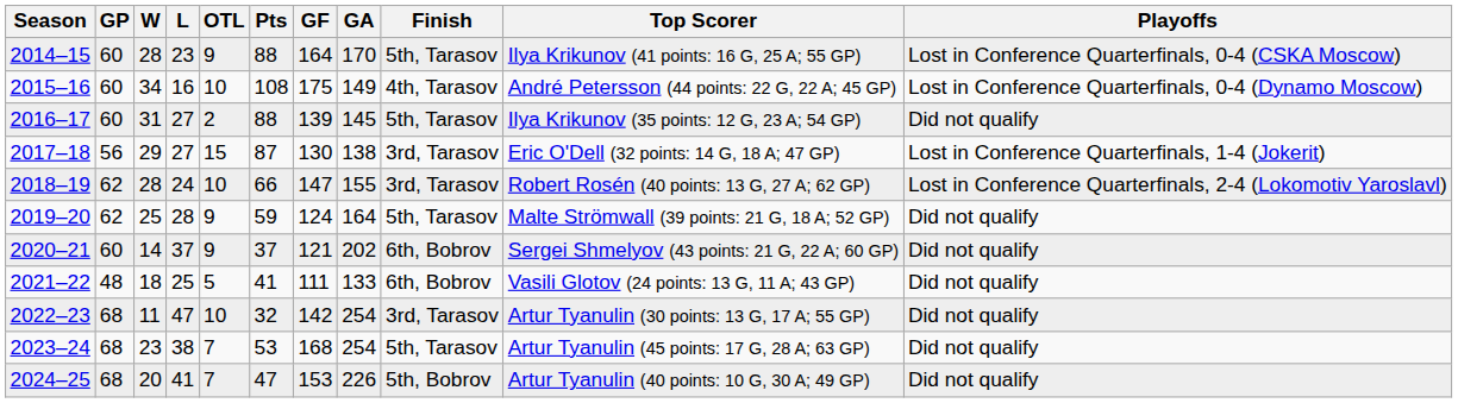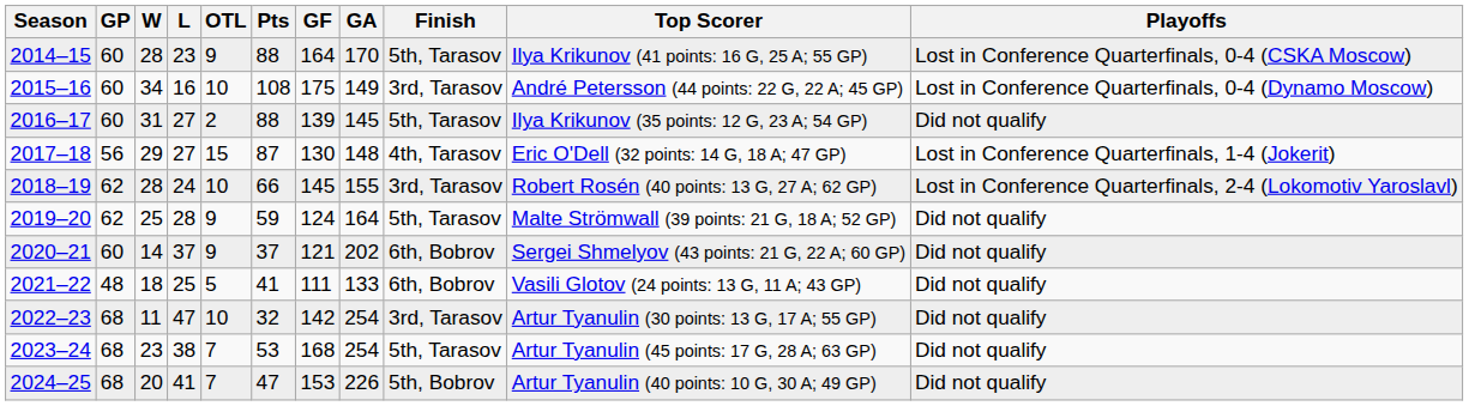 <table class="wikitable">
 <tr>
 <th>Season</th>
 <th>GP</th>
 <th>W</th>
 <th>L</th>
 <th>OTL</th>
 <th>Pts</th>
 <th>GF</th>
 <th>GA</th>
 <th>Finish</th>
 <th>Top Scorer</th>
 <th>Playoffs</th>
 </tr>
 <tr style="background:#eee;">
 <td><a href='#'>2014–15</a></td>
 <td>60</td>
 <td>28</td>
 <td>23</td>
 <td>9</td>
 <td>88</td>
 <td>164</td>
 <td>170</td>
 <td>5th, Tarasov</td>
 <td><a href='#'>Ilya Krikunov</a> <small>(41 points: 16 G, 25 A; 55 GP)</small></td>
 <td>Lost in Conference Quarterfinals, 0-4 (<a href='#'>CSKA Moscow</a>)</td>
 </tr>
 <tr>
 <td><a href='#'>2015–16</a></td>
 <td>60</td>
 <td>34</td>
 <td>16</td>
 <td>10</td>
 <td>108</td>
 <td>175</td>
 <td>149</td>
-<td>4th, Tarasov</td>
+<td>3rd, Tarasov</td>
 <td><a href='#'>André Petersson</a> <small>(44 points: 22 G, 22 A; 45 GP)</small></td>
 <td>Lost in Conference Quarterfinals, 0-4 (<a href='#'>Dynamo Moscow</a>)</td>
 </tr>
 <tr style="background:#eee;">
 <td><a href='#'>2016–17</a></td>
 <td>60</td>
 <td>31</td>
 <td>27</td>
 <td>2</td>
 <td>88</td>
 <td>139</td>
 <td>145</td>
 <td>5th, Tarasov</td>
 <td><a href='#'>Ilya Krikunov</a> <small>(35 points: 12 G, 23 A; 54 GP)</small></td>
 <td>Did not qualify</td>
 </tr>
 <tr>
 <td><a href='#'>2017–18</a></td>
 <td>56</td>
 <td>29</td>
 <td>27</td>
 <td>15</td>
 <td>87</td>
 <td>130</td>
-<td>138</td>
-<td>3rd, Tarasov</td>
+<td>148</td>
+<td>4th, Tarasov</td>
 <td><a href='#'>Eric O'Dell</a> <small>(32 points: 14 G, 18 A; 47 GP)</small></td>
 <td>Lost in Conference Quarterfinals, 1-4 (<a href='#'>Jokerit</a>)</td>
 </tr>
 <tr style="background:#eee;">
 <td><a href='#'>2018–19</a></td>
 <td>62</td>
 <td>28</td>
 <td>24</td>
 <td>10</td>
 <td>66</td>
-<td>147</td>
+<td>145</td>
 <td>155</td>
 <td>3rd, Tarasov</td>
 <td><a href='#'>Robert Rosén</a> <small>(40 points: 13 G, 27 A; 62 GP)</small></td>
 <td>Lost in Conference Quarterfinals, 2-4 (<a href='#'>Lokomotiv Yaroslavl</a>)</td>
 </tr>
 <tr>
 <td><a href='#'>2019–20</a></td>
 <td>62</td>
 <td>25</td>
 <td>28</td>
 <td>9</td>
 <td>59</td>
 <td>124</td>
 <td>164</td>
 <td>5th, Tarasov</td>
 <td><a href='#'>Malte Strömwall</a> <small>(39 points: 21 G, 18 A; 52 GP)</small></td>
 <td>Did not qualify</td>
 </tr>
 <tr style="background:#eee;">
 <td><a href='#'>2020–21</a></td>
 <td>60</td>
 <td>14</td>
 <td>37</td>
 <td>9</td>
 <td>37</td>
 <td>121</td>
 <td>202</td>
 <td>6th, Bobrov</td>
 <td><a href='#'>Sergei Shmelyov</a> <small>(43 points: 21 G, 22 A; 60 GP)</small></td>
 <td>Did not qualify</td>
 </tr>
 <tr>
 <td><a href='#'>2021–22</a></td>
 <td>48</td>
 <td>18</td>
 <td>25</td>
 <td>5</td>
 <td>41</td>
 <td>111</td>
 <td>133</td>
 <td>6th, Bobrov</td>
 <td><a href='#'>Vasili Glotov</a> <small>(24 points: 13 G, 11 A; 43 GP)</small></td>
 <td>Did not qualify</td>
 </tr>
 <tr style="background:#eee;">
 <td><a href='#'>2022–23</a></td>
 <td>68</td>
 <td>11</td>
 <td>47</td>
 <td>10</td>
 <td>32</td>
 <td>142</td>
 <td>254</td>
 <td>3rd, Tarasov</td>
 <td><a href='#'>Artur Tyanulin</a> <small>(30 points: 13 G, 17 A; 55 GP)</small></td>
 <td>Did not qualify</td>
 </tr>
 <tr>
 <td><a href='#'>2023–24</a></td>
 <td>68</td>
 <td>23</td>
 <td>38</td>
 <td>7</td>
 <td>53</td>
 <td>168</td>
 <td>254</td>
 <td>5th, Tarasov</td>
 <td><a href='#'>Artur Tyanulin</a> <small>(45 points: 17 G, 28 A; 63 GP)</small></td>
 <td>Did not qualify</td>
 </tr>
 <tr style="background:#eee;">
 <td><a href='#'>2024–25</a></td>
 <td>68</td>
 <td>20</td>
 <td>41</td>
 <td>7</td>
 <td>47</td>
 <td>153</td>
 <td>226</td>
 <td>5th, Bobrov</td>
 <td><a href='#'>Artur Tyanulin</a> <small>(40 points: 10 G, 30 A; 49 GP)</small></td>
 <td>Did not qualify</td>
 </tr>
 </table>
